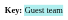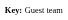 <table style="font-size: 85%;">
 <tr>
 <td height=5></td>
 </tr>
 <tr>
 <td><strong>Key:</strong></td>
-<td style="background: paleturquoise;"><em></em> Guest team</td>
+<td><em></em> Guest team</td>
 </tr>
 </table>
